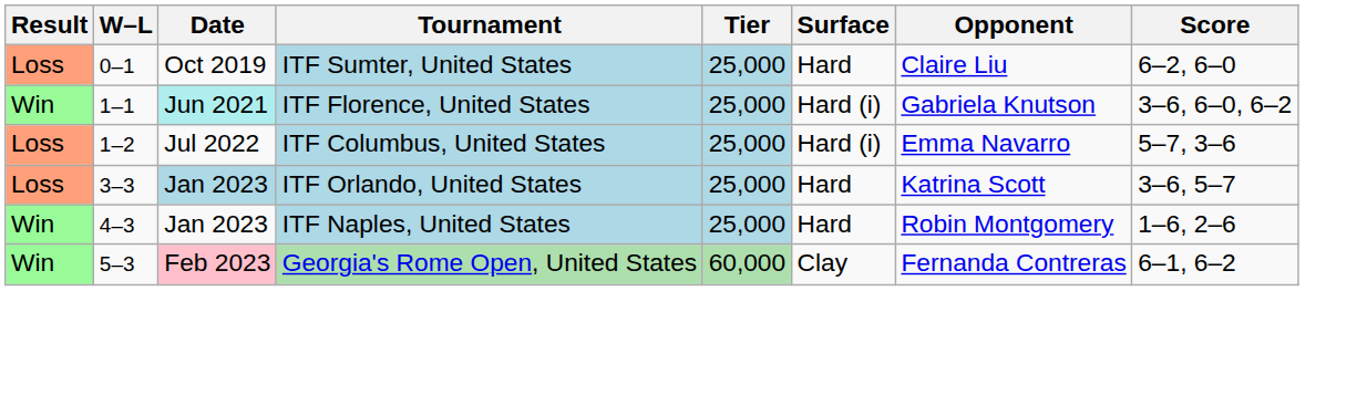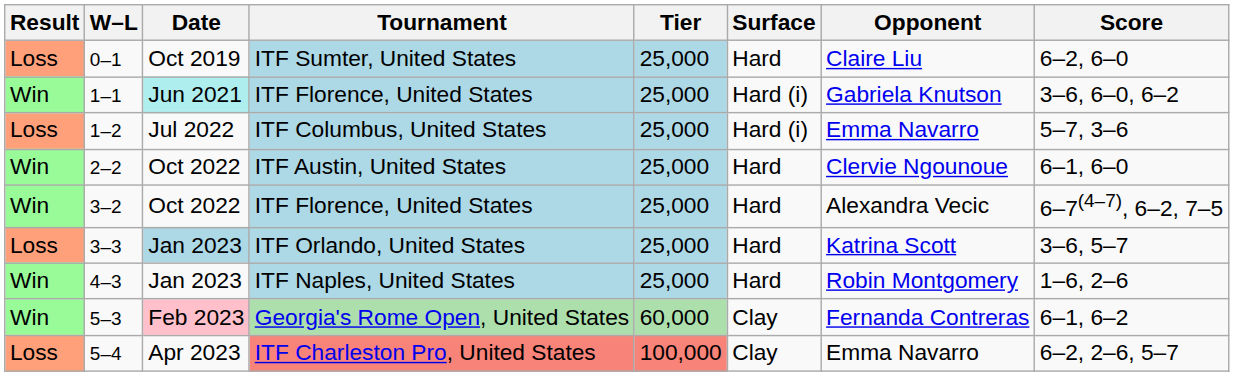 <table class="sortable wikitable">
 <tr>
 <th>Result</th>
 <th class="unsortable">W–L</th>
 <th>Date</th>
 <th>Tournament</th>
 <th>Tier</th>
 <th>Surface</th>
 <th>Opponent</th>
 <th class="unsortable">Score</th>
 </tr>
 <tr>
 <td bgcolor="ffa07a">Loss</td>
 <td><small>0–1</small></td>
 <td>Oct 2019</td>
 <td style="background:lightblue">ITF Sumter, United States</td>
 <td style="background:lightblue">25,000</td>
 <td>Hard</td>
 <td> <a href='#'>Claire Liu</a></td>
 <td>6–2, 6–0</td>
 </tr>
 <tr>
 <td bgcolor="98FB98">Win</td>
 <td><small>1–1</small></td>
 <td style="background: paleturquoise;">Jun 2021</td>
 <td style="background:lightblue">ITF Florence, United States</td>
 <td style="background:lightblue">25,000</td>
 <td>Hard (i)</td>
 <td> <a href='#'>Gabriela Knutson</a></td>
 <td>3–6, 6–0, 6–2</td>
 </tr>
 <tr>
 <td bgcolor="ffa07a">Loss</td>
 <td><small>1–2</small></td>
 <td>Jul 2022</td>
 <td style="background:lightblue">ITF Columbus, United States</td>
 <td style="background:lightblue">25,000</td>
 <td>Hard (i)</td>
 <td> <a href='#'>Emma Navarro</a></td>
 <td>5–7, 3–6</td>
 </tr>
 <tr>
+<td bgcolor="98FB98">Win</td>
+<td><small>2–2</small></td>
+<td>Oct 2022</td>
+<td style="background:lightblue">ITF Austin, United States</td>
+<td style="background:lightblue">25,000</td>
+<td>Hard</td>
+<td> <a href='#'>Clervie Ngounoue</a></td>
+<td>6–1, 6–0</td>
+</tr>
+<tr>
+<td bgcolor="98FB98">Win</td>
+<td><small>3–2</small></td>
+<td>Oct 2022</td>
+<td style="background:lightblue">ITF Florence, United States</td>
+<td style="background:lightblue">25,000</td>
+<td>Hard</td>
+<td> Alexandra Vecic</td>
+<td>6–7<sup>(4–7)</sup>, 6–2, 7–5</td>
+</tr>
+<tr>
 <td bgcolor="ffa07a">Loss</td>
 <td><small>3–3</small></td>
 <td style="background: lightblue;">Jan 2023</td>
 <td style="background:lightblue">ITF Orlando, United States</td>
 <td style="background:lightblue">25,000</td>
 <td>Hard</td>
 <td> <a href='#'>Katrina Scott</a></td>
 <td>3–6, 5–7</td>
 </tr>
 <tr>
 <td bgcolor="98FB98">Win</td>
 <td><small>4–3</small></td>
 <td>Jan 2023</td>
 <td style="background:lightblue">ITF Naples, United States</td>
 <td style="background:lightblue">25,000</td>
 <td>Hard</td>
 <td> <a href='#'>Robin Montgomery</a></td>
 <td>1–6, 2–6</td>
 </tr>
 <tr>
 <td bgcolor="98FB98">Win</td>
 <td><small>5–3</small></td>
 <td style="background: pink;">Feb 2023</td>
 <td style="background:#addfad;"><a href='#'>Georgia's Rome Open</a>, United States</td>
 <td style="background:#addfad;">60,000</td>
 <td>Clay</td>
 <td> <a href='#'>Fernanda Contreras</a></td>
 <td>6–1, 6–2</td>
 </tr>
+<tr>
+<td bgcolor="ffa07a">Loss</td>
+<td><small>5–4</small></td>
+<td>Apr 2023</td>
+<td style="background:#f88379;"><a href='#'>ITF Charleston Pro</a>, United States</td>
+<td style="background:#f88379;">100,000</td>
+<td>Clay</td>
+<td> Emma Navarro</td>
+<td>6–2, 2–6, 5–7</td>
+</tr>
 </table>
